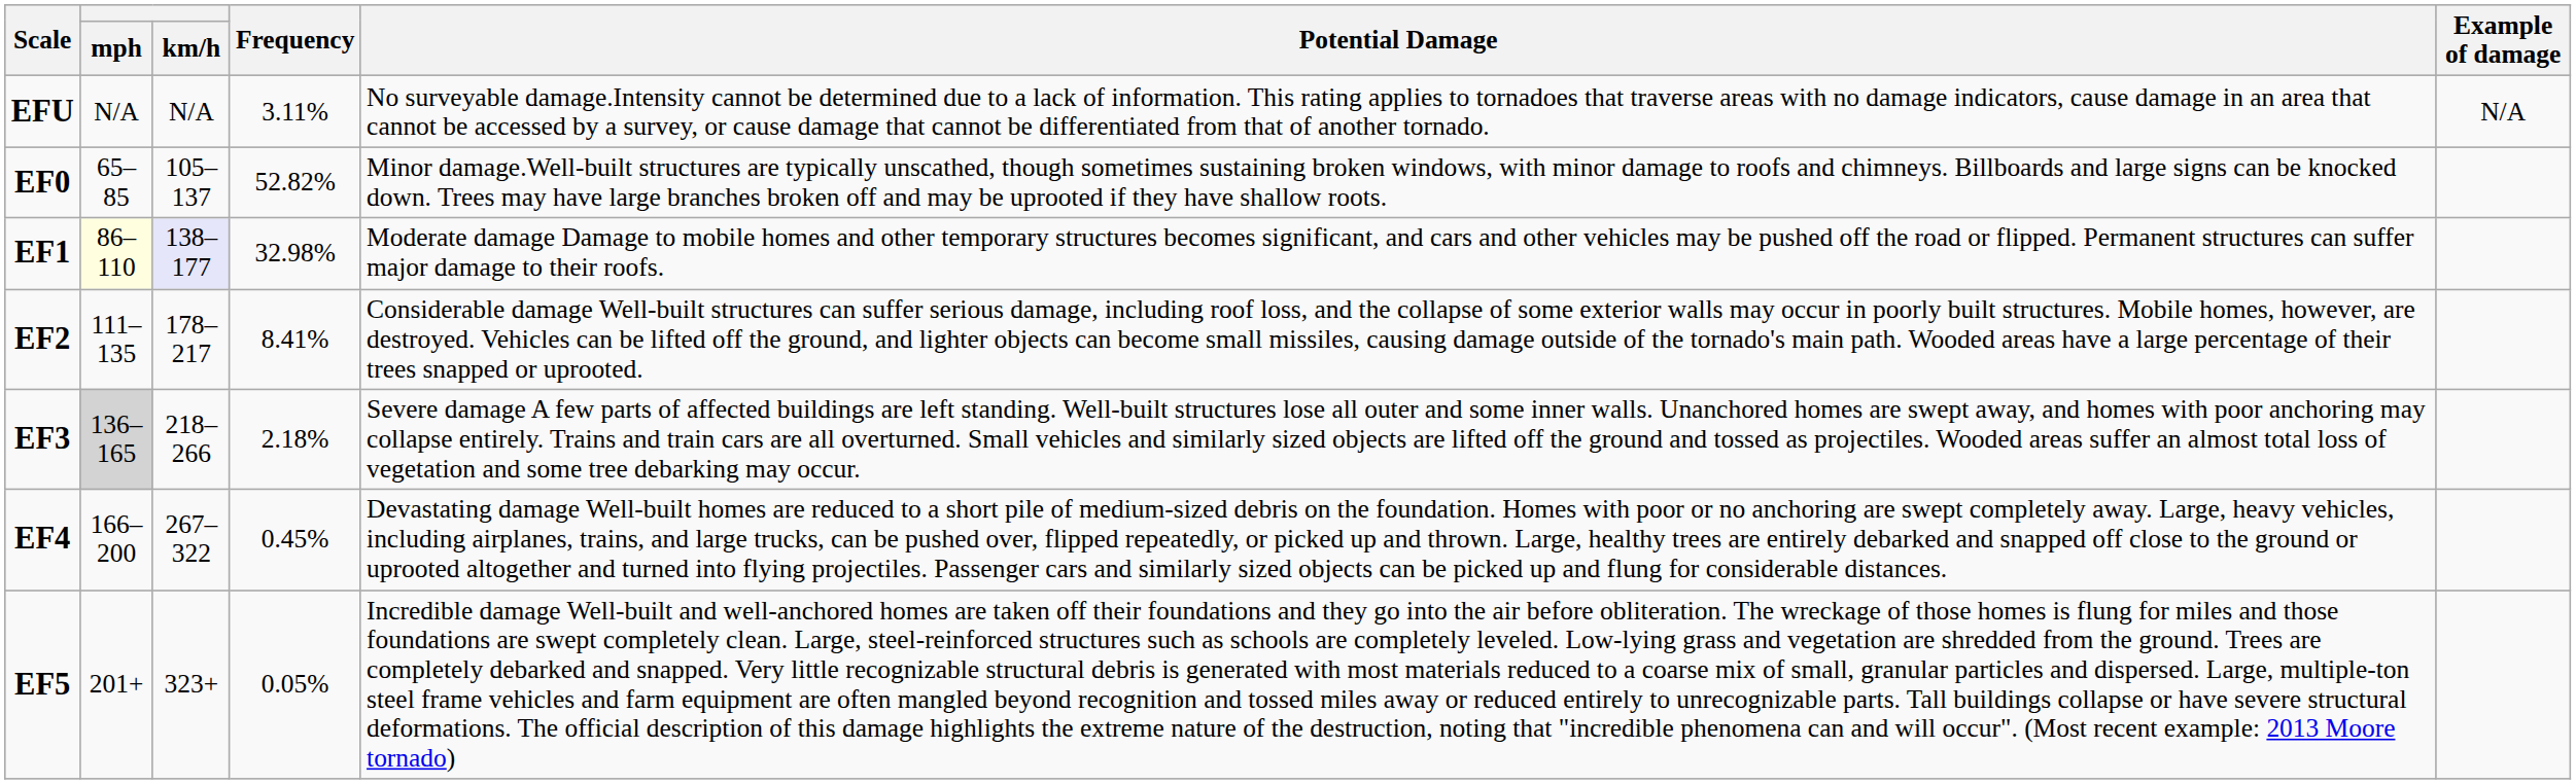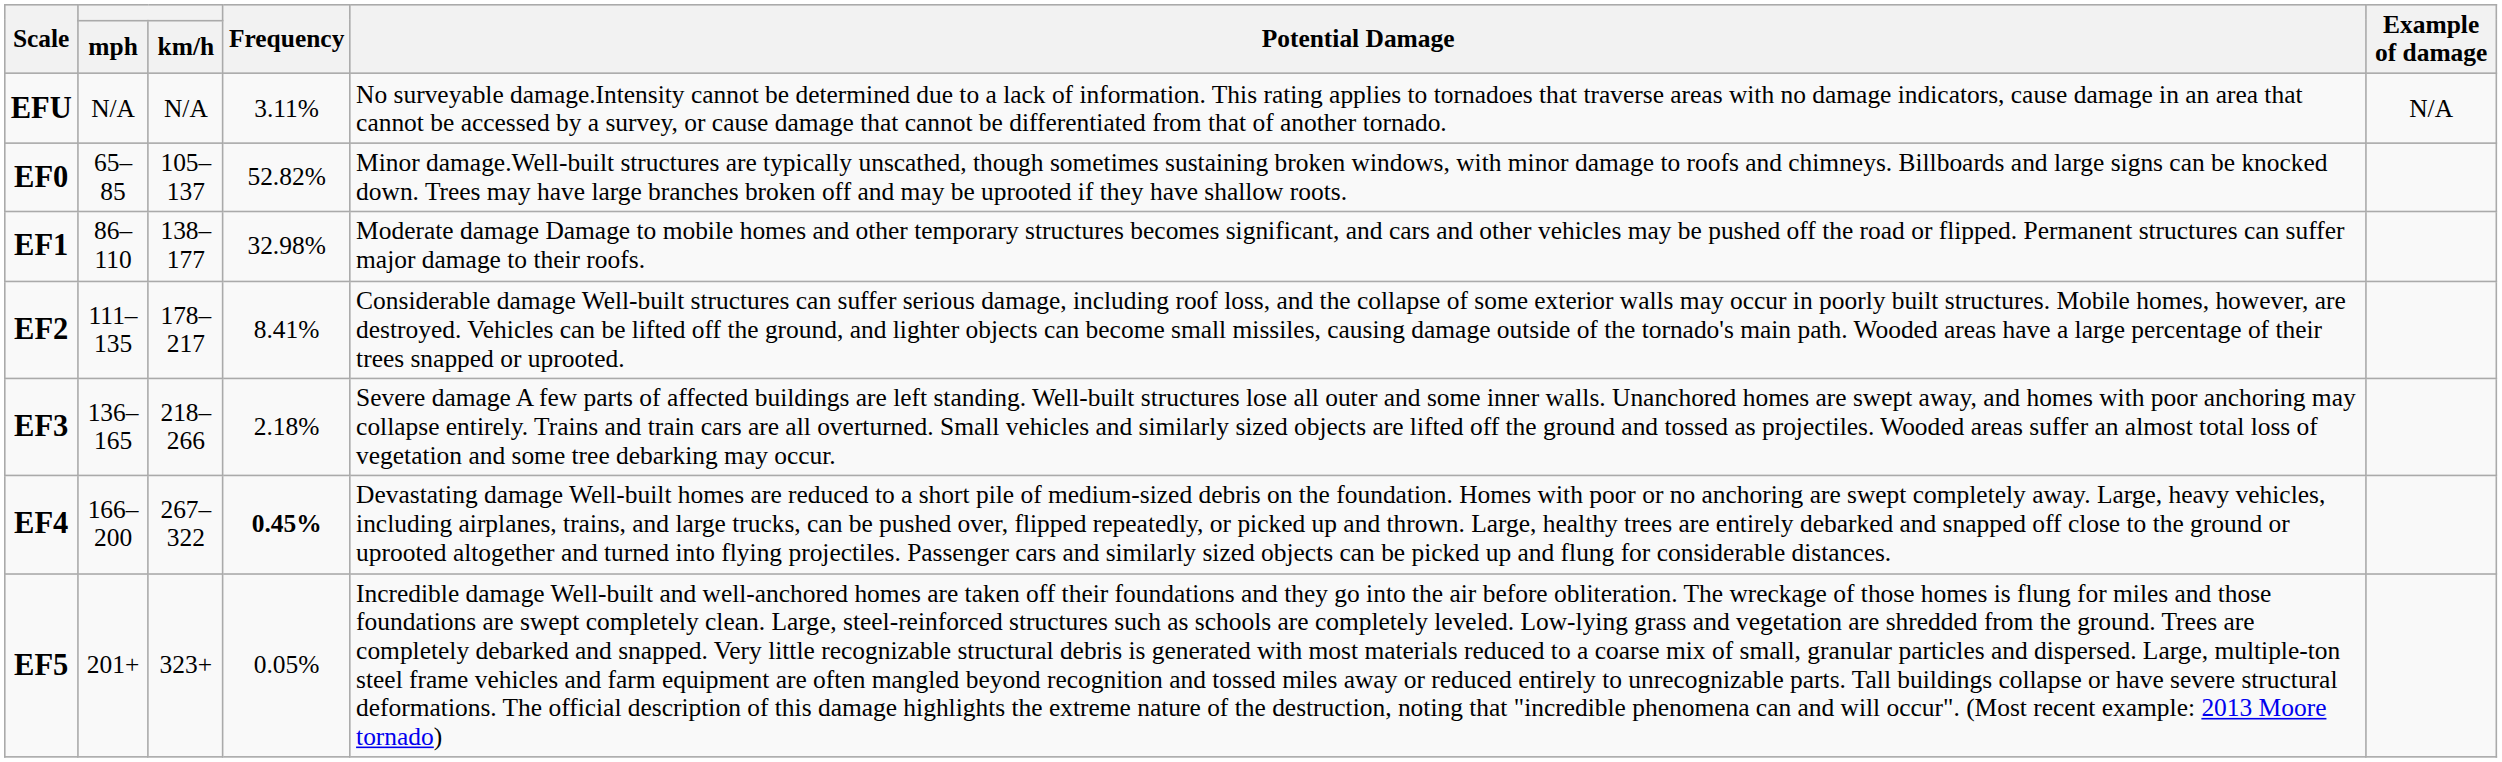 <table class="wikitable">
 <tr>
 <th rowspan="2">Scale</th>
 <th colspan="2"></th>
 <th rowspan="2">Frequency</th>
 <th rowspan="2">Potential Damage</th>
 <th rowspan="2">Example of damage</th>
 </tr>
 <tr>
 <th>mph</th>
 <th>km/h</th>
 </tr>
 <tr>
 <td align="center"><big><strong>EFU</strong></big></td>
 <td style="text-align:center;">N/A</td>
 <td style="text-align:center;">N/A</td>
 <td style="text-align:center;">3.11%</td>
 <td>No surveyable damage.Intensity cannot be determined due to a lack of information. This rating applies to tornadoes that traverse areas with no damage indicators, cause damage in an area that cannot be accessed by a survey, or cause damage that cannot be differentiated from that of another tornado.</td>
 <td align="center">N/A</td>
 </tr>
 <tr>
 <td align="center"><big><strong>EF0</strong></big></td>
 <td style="text-align:center;">65–85</td>
 <td style="text-align:center;">105–137</td>
 <td style="text-align:center;">52.82%</td>
 <td>Minor damage.Well-built structures are typically unscathed, though sometimes sustaining broken windows, with minor damage to roofs and chimneys. Billboards and large signs can be knocked down. Trees may have large branches broken off and may be uprooted if they have shallow roots.</td>
 <td></td>
 </tr>
 <tr>
 <td align="center"><big><strong>EF1</strong></big></td>
-<td style="background: lightyellow; text-align:center;">86–110</td>
-<td style="background: lavender; text-align:center;">138–177</td>
+<td style="text-align:center;">86–110</td>
+<td style="text-align:center;">138–177</td>
 <td style="text-align:center;">32.98%</td>
 <td>Moderate damage Damage to mobile homes and other temporary structures becomes significant, and cars and other vehicles may be pushed off the road or flipped. Permanent structures can suffer major damage to their roofs.</td>
 <td></td>
 </tr>
 <tr>
 <td align="center"><big><strong>EF2</strong></big></td>
 <td style="text-align:center;">111–135</td>
 <td style="text-align:center;">178–217</td>
 <td style="text-align:center;">8.41%</td>
 <td>Considerable damage Well-built structures can suffer serious damage, including roof loss, and the collapse of some exterior walls may occur in poorly built structures. Mobile homes, however, are destroyed. Vehicles can be lifted off the ground, and lighter objects can become small missiles, causing damage outside of the tornado's main path. Wooded areas have a large percentage of their trees snapped or uprooted.</td>
 <td></td>
 </tr>
 <tr>
 <td align="center"><big><strong>EF3</strong></big></td>
-<td style="background: lightgrey; text-align:center;">136–165</td>
+<td style="text-align:center;">136–165</td>
 <td style="text-align:center;">218–266</td>
 <td style="text-align:center;">2.18%</td>
 <td>Severe damage A few parts of affected buildings are left standing. Well-built structures lose all outer and some inner walls. Unanchored homes are swept away, and homes with poor anchoring may collapse entirely. Trains and train cars are all overturned. Small vehicles and similarly sized objects are lifted off the ground and tossed as projectiles. Wooded areas suffer an almost total loss of vegetation and some tree debarking may occur.</td>
 <td></td>
 </tr>
 <tr>
 <td align="center"><big><strong>EF4</strong></big></td>
 <td style="text-align:center;">166–200</td>
 <td style="text-align:center;">267–322</td>
-<td style="text-align:center;">0.45%</td>
+<td style="text-align:center;"><strong>0.45%</strong></td>
 <td>Devastating damage Well-built homes are reduced to a short pile of medium-sized debris on the foundation. Homes with poor or no anchoring are swept completely away. Large, heavy vehicles, including airplanes, trains, and large trucks, can be pushed over, flipped repeatedly, or picked up and thrown. Large, healthy trees are entirely debarked and snapped off close to the ground or uprooted altogether and turned into flying projectiles. Passenger cars and similarly sized objects can be picked up and flung for considerable distances.</td>
 <td></td>
 </tr>
 <tr>
 <td align="center"><big><strong>EF5</strong></big></td>
 <td style="text-align:center;">201+</td>
 <td style="text-align:center;">323+</td>
 <td style="text-align:center;">0.05%</td>
 <td>Incredible damage Well-built and well-anchored homes are taken off their foundations and they go into the air before obliteration. The wreckage of those homes is flung for miles and those foundations are swept completely clean. Large, steel-reinforced structures such as schools are completely leveled. Low-lying grass and vegetation are shredded from the ground. Trees are completely debarked and snapped. Very little recognizable structural debris is generated with most materials reduced to a coarse mix of small, granular particles and dispersed. Large, multiple-ton steel frame vehicles and farm equipment are often mangled beyond recognition and tossed miles away or reduced entirely to unrecognizable parts. Tall buildings collapse or have severe structural deformations. The official description of this damage highlights the extreme nature of the destruction, noting that "incredible phenomena can and will occur". (Most recent example: <a href='#'>2013 Moore tornado</a>)</td>
 <td></td>
 </tr>
 </table>
